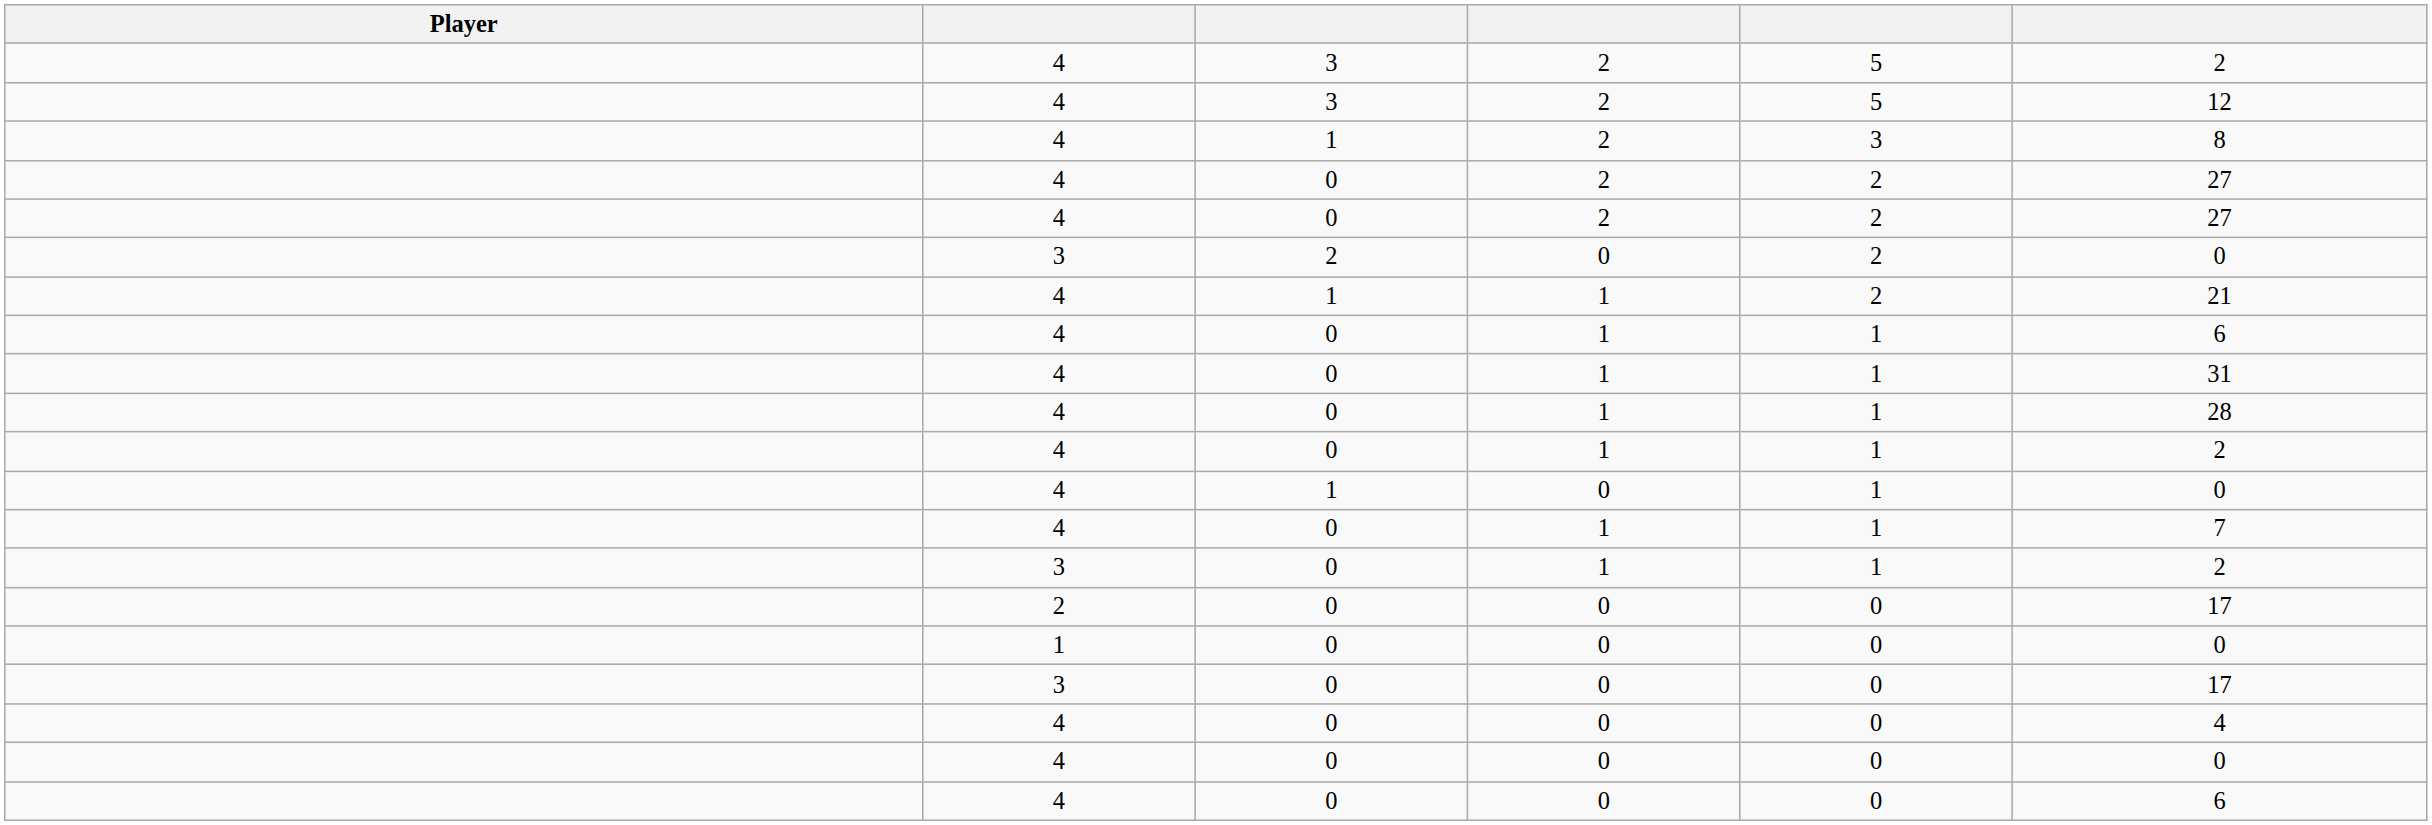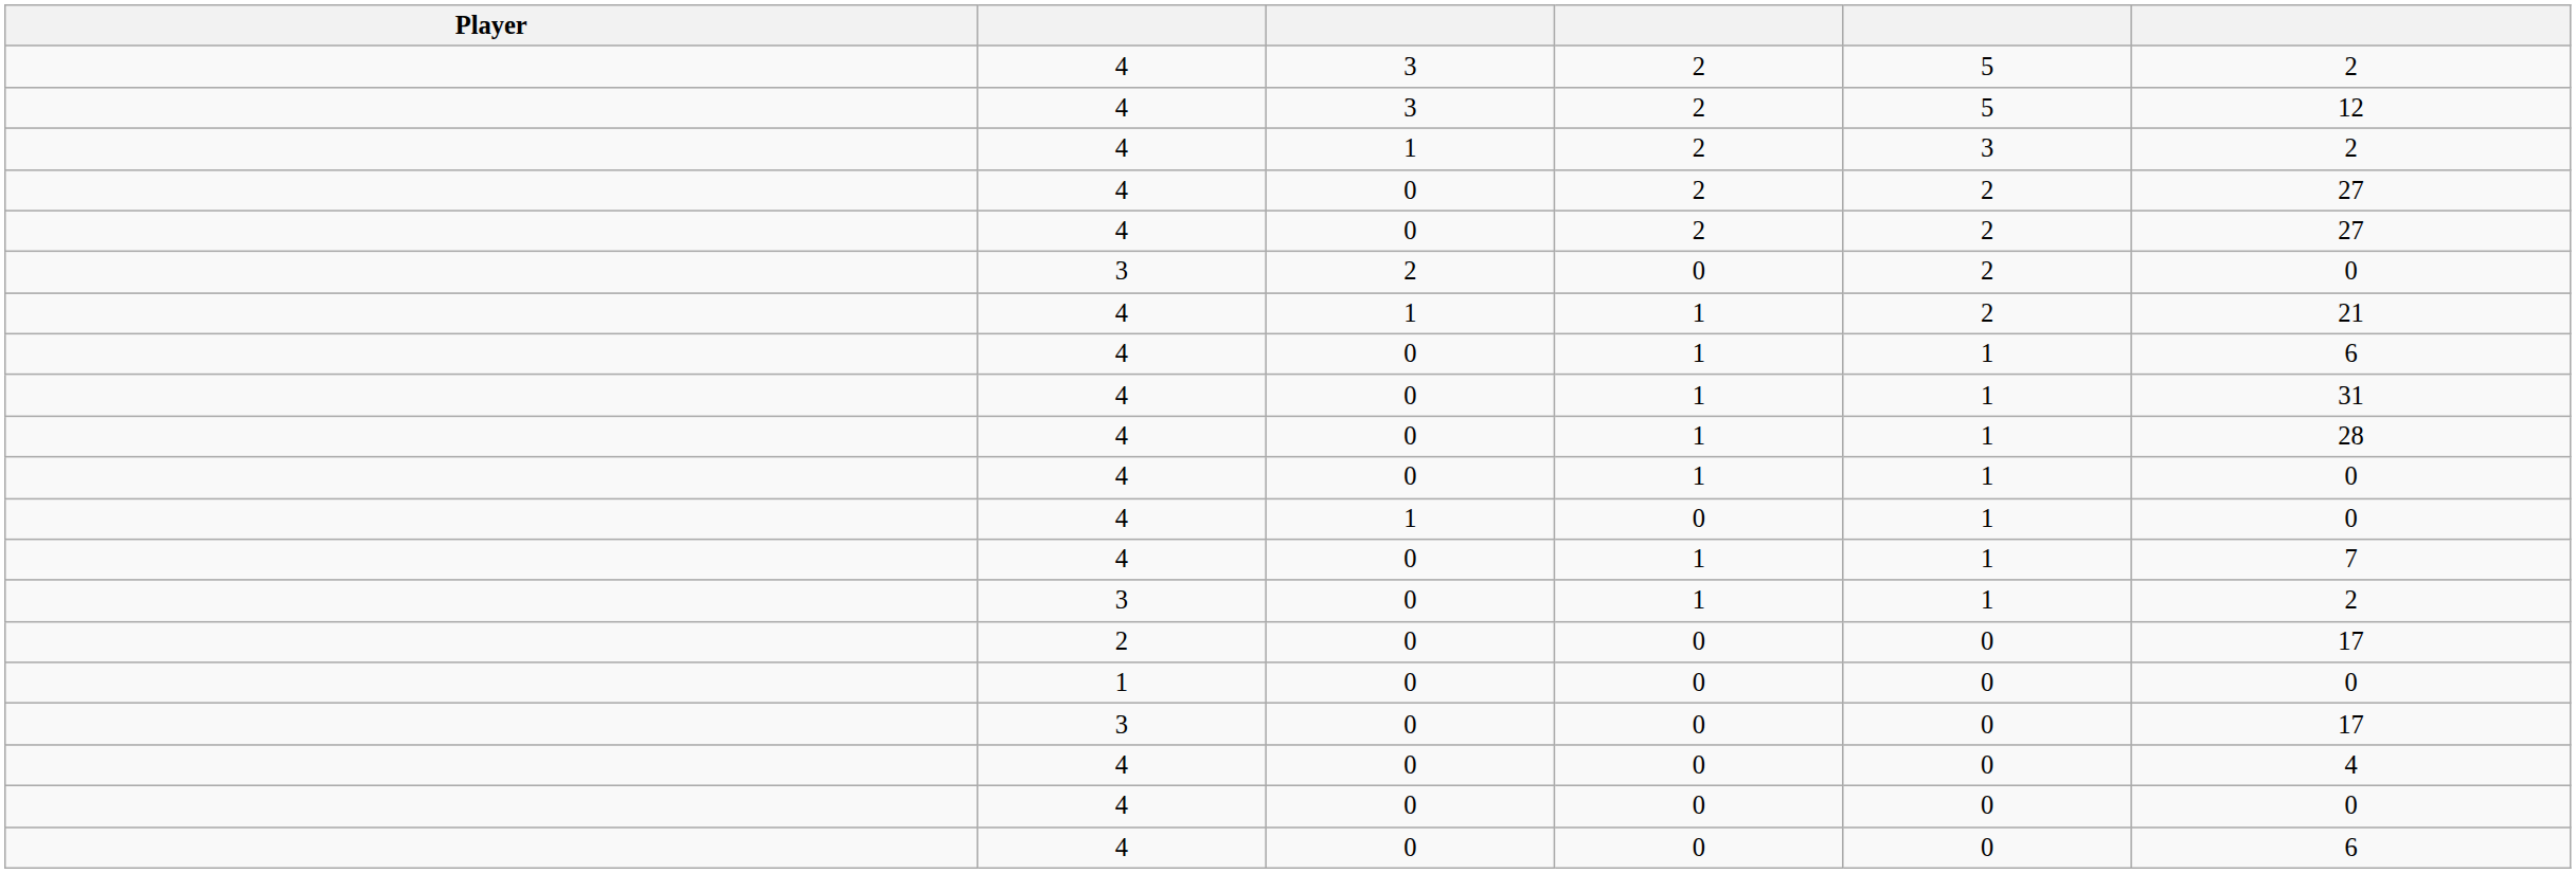 <table class="wikitable sortable" style="width:100%;">
 <tr align=center>
 <th>Player</th>
 <th></th>
 <th></th>
 <th></th>
 <th></th>
 <th></th>
 </tr>
 <tr align=center>
 <td></td>
 <td>4</td>
 <td>3</td>
 <td>2</td>
 <td>5</td>
 <td>2</td>
 </tr>
 <tr align=center>
 <td></td>
 <td>4</td>
 <td>3</td>
 <td>2</td>
 <td>5</td>
 <td>12</td>
 </tr>
 <tr align=center>
 <td></td>
 <td>4</td>
 <td>1</td>
 <td>2</td>
 <td>3</td>
-<td>8</td>
+<td>2</td>
 </tr>
 <tr align=center>
 <td></td>
 <td>4</td>
 <td>0</td>
 <td>2</td>
 <td>2</td>
 <td>27</td>
 </tr>
 <tr align=center>
 <td></td>
 <td>4</td>
 <td>0</td>
 <td>2</td>
 <td>2</td>
 <td>27</td>
 </tr>
 <tr align=center>
 <td></td>
 <td>3</td>
 <td>2</td>
 <td>0</td>
 <td>2</td>
 <td>0</td>
 </tr>
 <tr align=center>
 <td></td>
 <td>4</td>
 <td>1</td>
 <td>1</td>
 <td>2</td>
 <td>21</td>
 </tr>
 <tr align=center>
 <td></td>
 <td>4</td>
 <td>0</td>
 <td>1</td>
 <td>1</td>
 <td>6</td>
 </tr>
 <tr align=center>
 <td></td>
 <td>4</td>
 <td>0</td>
 <td>1</td>
 <td>1</td>
 <td>31</td>
 </tr>
 <tr align=center>
 <td></td>
 <td>4</td>
 <td>0</td>
 <td>1</td>
 <td>1</td>
 <td>28</td>
 </tr>
 <tr align=center>
 <td></td>
 <td>4</td>
 <td>0</td>
 <td>1</td>
 <td>1</td>
-<td>2</td>
+<td>0</td>
 </tr>
 <tr align=center>
 <td></td>
 <td>4</td>
 <td>1</td>
 <td>0</td>
 <td>1</td>
 <td>0</td>
 </tr>
 <tr align=center>
 <td></td>
 <td>4</td>
 <td>0</td>
 <td>1</td>
 <td>1</td>
 <td>7</td>
 </tr>
 <tr align=center>
 <td></td>
 <td>3</td>
 <td>0</td>
 <td>1</td>
 <td>1</td>
 <td>2</td>
 </tr>
 <tr align=center>
 <td></td>
 <td>2</td>
 <td>0</td>
 <td>0</td>
 <td>0</td>
 <td>17</td>
 </tr>
 <tr align=center>
 <td></td>
 <td>1</td>
 <td>0</td>
 <td>0</td>
 <td>0</td>
 <td>0</td>
 </tr>
 <tr align=center>
 <td></td>
 <td>3</td>
 <td>0</td>
 <td>0</td>
 <td>0</td>
 <td>17</td>
 </tr>
 <tr align=center>
 <td></td>
 <td>4</td>
 <td>0</td>
 <td>0</td>
 <td>0</td>
 <td>4</td>
 </tr>
 <tr align=center>
 <td></td>
 <td>4</td>
 <td>0</td>
 <td>0</td>
 <td>0</td>
 <td>0</td>
 </tr>
 <tr align=center>
 <td></td>
 <td>4</td>
 <td>0</td>
 <td>0</td>
 <td>0</td>
 <td>6</td>
 </tr>
 </table>
